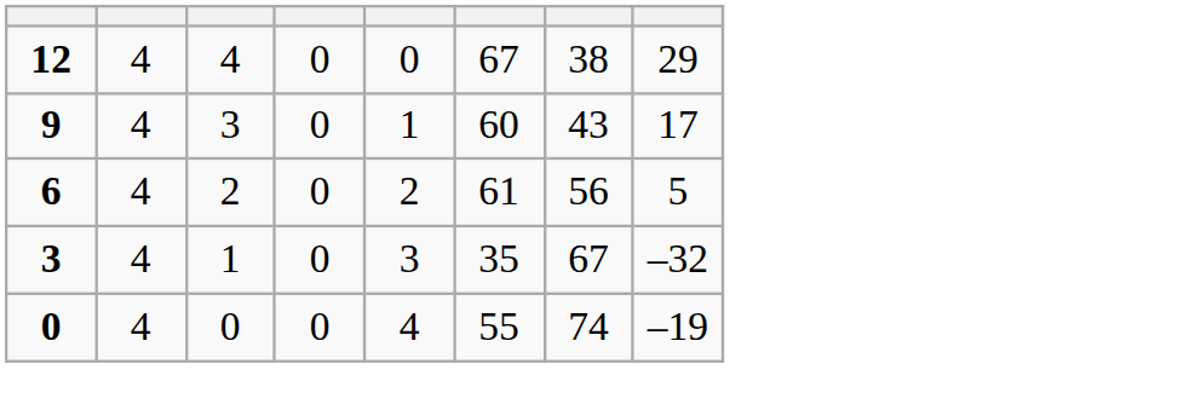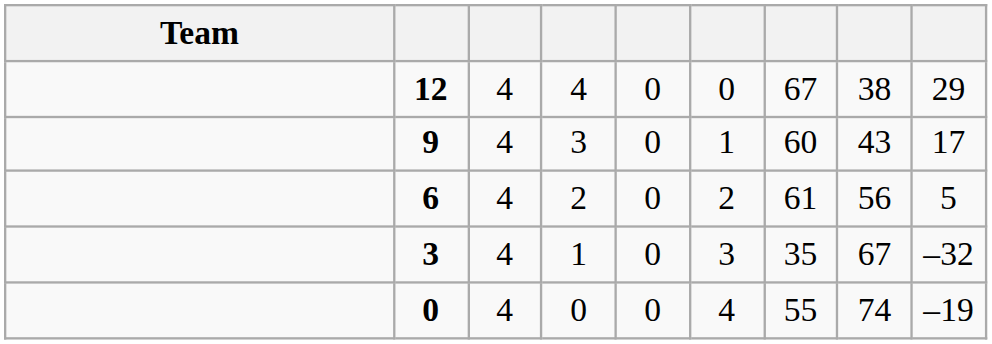 <table class="wikitable" style="text-align: center; font-size:90% ">
 <tr>
+<th width="160">Team</th>
 <th width="25"></th>
 <th width="25"></th>
 <th width="25"></th>
 <th width="25"></th>
 <th width="25"></th>
 <th width="25"></th>
 <th width="25"></th>
 <th width="25"></th>
 </tr>
 <tr>
+<td align="left"></td>
 <td><strong>12</strong></td>
 <td>4</td>
 <td>4</td>
 <td>0</td>
 <td>0</td>
 <td>67</td>
 <td>38</td>
 <td>29</td>
 </tr>
 <tr>
+<td align="left"></td>
 <td><strong>9</strong></td>
 <td>4</td>
 <td>3</td>
 <td>0</td>
 <td>1</td>
 <td>60</td>
 <td>43</td>
 <td>17</td>
 </tr>
 <tr>
+<td align="left"></td>
 <td><strong>6</strong></td>
 <td>4</td>
 <td>2</td>
 <td>0</td>
 <td>2</td>
 <td>61</td>
 <td>56</td>
 <td>5</td>
 </tr>
 <tr>
+<td align="left"></td>
 <td><strong>3</strong></td>
 <td>4</td>
 <td>1</td>
 <td>0</td>
 <td>3</td>
 <td>35</td>
 <td>67</td>
 <td>–32</td>
 </tr>
 <tr>
+<td align="left"></td>
 <td><strong>0</strong></td>
 <td>4</td>
 <td>0</td>
 <td>0</td>
 <td>4</td>
 <td>55</td>
 <td>74</td>
 <td>–19</td>
 </tr>
 </table>
